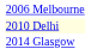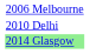 <table>
 <tr>
 <td><br></td>
 <td></td>
 <td></td>
 <td></td>
 </tr>
 <tr>
 <td><a href='#'>2006 Melbourne</a><br></td>
 <td></td>
 <td></td>
 <td></td>
 </tr>
 <tr>
-<td style="background: lightyellow;"><a href='#'>2010 Delhi</a><br></td>
+<td><a href='#'>2010 Delhi</a><br></td>
 <td></td>
 <td></td>
 <td></td>
 </tr>
 <tr>
-<td><a href='#'>2014 Glasgow</a><br></td>
+<td style="background: lightgreen;"><a href='#'>2014 Glasgow</a><br></td>
 <td></td>
 <td></td>
 <td></td>
 </tr>
 <tr>
 <td><br></td>
 <td></td>
 <td></td>
 <td></td>
 </tr>
 <tr>
 <td><br></td>
 <td></td>
 <td></td>
 <td></td>
 </tr>
 </table>
